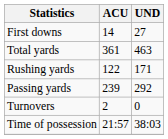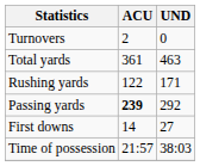 <table class="wikitable">
 <tr>
 <th>Statistics</th>
 <th>ACU</th>
 <th>UND</th>
 </tr>
 <tr>
-<td>First downs</td>
-<td>14</td>
-<td>27</td>
+<td>Turnovers</td>
+<td>2</td>
+<td>0</td>
 </tr>
 <tr>
 <td>Total yards</td>
 <td>361</td>
 <td>463</td>
 </tr>
 <tr>
 <td>Rushing yards</td>
 <td>122</td>
 <td>171</td>
 </tr>
 <tr>
 <td>Passing yards</td>
-<td>239</td>
+<td><strong>239</strong></td>
 <td>292</td>
 </tr>
 <tr>
-<td>Turnovers</td>
-<td>2</td>
-<td>0</td>
+<td>First downs</td>
+<td>14</td>
+<td>27</td>
 </tr>
 <tr>
 <td>Time of possession</td>
 <td>21:57</td>
 <td>38:03</td>
 </tr>
 <tr>
 </tr>
 </table>
